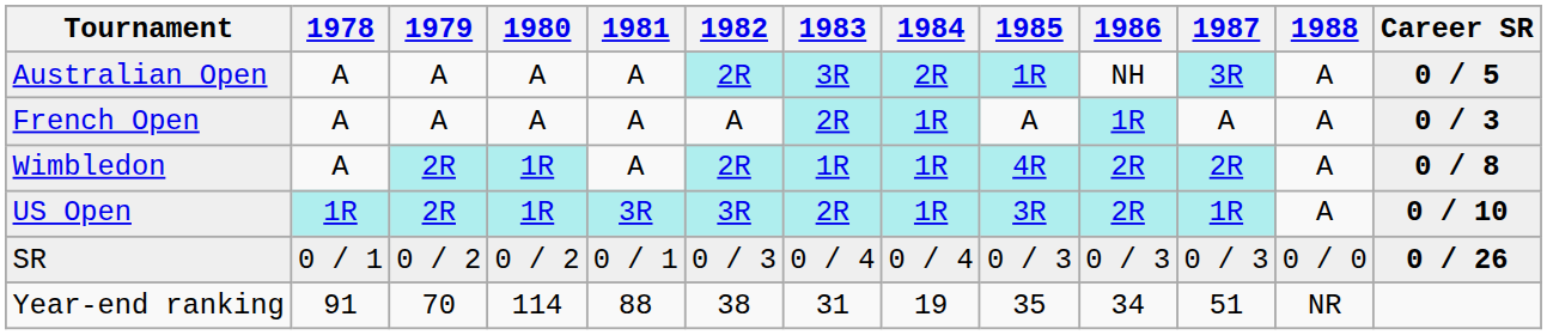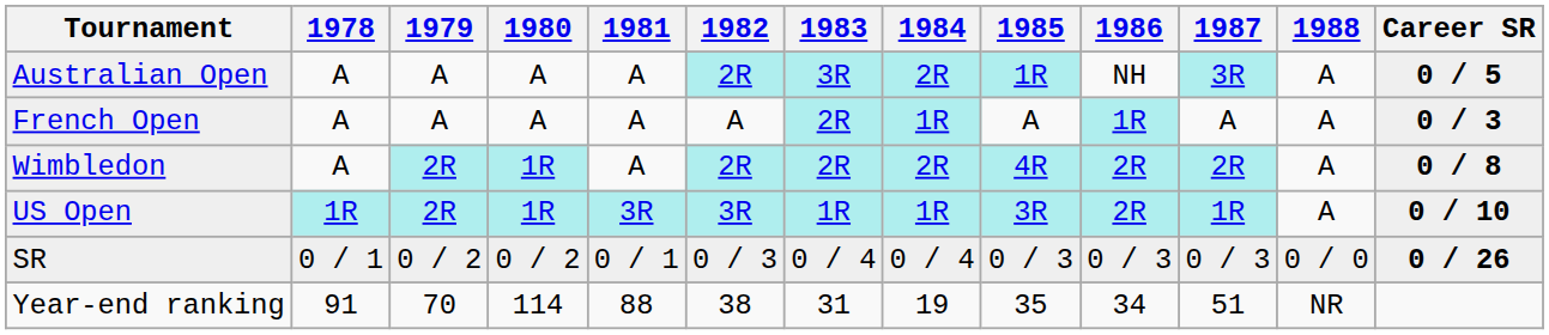 <table class="wikitable">
 <tr>
 <th>Tournament</th>
 <th><a href='#'>1978</a></th>
 <th><a href='#'>1979</a></th>
 <th><a href='#'>1980</a></th>
 <th><a href='#'>1981</a></th>
 <th><a href='#'>1982</a></th>
 <th><a href='#'>1983</a></th>
 <th><a href='#'>1984</a></th>
 <th><a href='#'>1985</a></th>
 <th><a href='#'>1986</a></th>
 <th><a href='#'>1987</a></th>
 <th><a href='#'>1988</a></th>
 <th>Career SR</th>
 </tr>
 <tr>
 <td style="background:#EFEFEF;"><a href='#'>Australian Open</a></td>
 <td align="center">A</td>
 <td align="center">A</td>
 <td align="center">A</td>
 <td align="center">A</td>
 <td align="center" style="background:#afeeee;"><a href='#'>2R</a></td>
 <td align="center" style="background:#afeeee;"><a href='#'>3R</a></td>
 <td align="center" style="background:#afeeee;"><a href='#'>2R</a></td>
 <td align="center" style="background:#afeeee;"><a href='#'>1R</a></td>
 <td align="center">NH</td>
 <td align="center" style="background:#afeeee;"><a href='#'>3R</a></td>
 <td align="center">A</td>
 <td align="center" style="background:#EFEFEF;"><strong>0 / 5</strong></td>
 </tr>
 <tr>
 <td style="background:#EFEFEF;"><a href='#'>French Open</a></td>
 <td align="center">A</td>
 <td align="center">A</td>
 <td align="center">A</td>
 <td align="center">A</td>
 <td align="center">A</td>
 <td align="center" style="background:#afeeee;"><a href='#'>2R</a></td>
 <td align="center" style="background:#afeeee;"><a href='#'>1R</a></td>
 <td align="center">A</td>
 <td align="center" style="background:#afeeee;"><a href='#'>1R</a></td>
 <td align="center">A</td>
 <td align="center">A</td>
 <td align="center" style="background:#EFEFEF;"><strong>0 / 3</strong></td>
 </tr>
 <tr>
 <td style="background:#EFEFEF;"><a href='#'>Wimbledon</a></td>
 <td align="center">A</td>
 <td align="center" style="background:#afeeee;"><a href='#'>2R</a></td>
 <td align="center" style="background:#afeeee;"><a href='#'>1R</a></td>
 <td align="center">A</td>
 <td align="center" style="background:#afeeee;"><a href='#'>2R</a></td>
-<td align="center" style="background:#afeeee;"><a href='#'>1R</a></td>
-<td align="center" style="background:#afeeee;"><a href='#'>1R</a></td>
+<td align="center" style="background:#afeeee;"><a href='#'>2R</a></td>
+<td align="center" style="background:#afeeee;"><a href='#'>2R</a></td>
 <td align="center" style="background:#afeeee;"><a href='#'>4R</a></td>
 <td align="center" style="background:#afeeee;"><a href='#'>2R</a></td>
 <td align="center" style="background:#afeeee;"><a href='#'>2R</a></td>
 <td align="center">A</td>
 <td align="center" style="background:#EFEFEF;"><strong>0 / 8</strong></td>
 </tr>
 <tr>
 <td style="background:#EFEFEF;"><a href='#'>US Open</a></td>
 <td align="center" style="background:#afeeee;"><a href='#'>1R</a></td>
 <td align="center" style="background:#afeeee;"><a href='#'>2R</a></td>
 <td align="center" style="background:#afeeee;"><a href='#'>1R</a></td>
 <td align="center" style="background:#afeeee;"><a href='#'>3R</a></td>
 <td align="center" style="background:#afeeee;"><a href='#'>3R</a></td>
-<td align="center" style="background:#afeeee;"><a href='#'>2R</a></td>
+<td align="center" style="background:#afeeee;"><a href='#'>1R</a></td>
 <td align="center" style="background:#afeeee;"><a href='#'>1R</a></td>
 <td align="center" style="background:#afeeee;"><a href='#'>3R</a></td>
 <td align="center" style="background:#afeeee;"><a href='#'>2R</a></td>
 <td align="center" style="background:#afeeee;"><a href='#'>1R</a></td>
 <td align="center">A</td>
 <td align="center" style="background:#EFEFEF;"><strong>0 / 10</strong></td>
 </tr>
 <tr>
 <td style="background:#EFEFEF;">SR</td>
 <td align="center" style="background:#EFEFEF;">0 / 1</td>
 <td align="center" style="background:#EFEFEF;">0 / 2</td>
 <td align="center" style="background:#EFEFEF;">0 / 2</td>
 <td align="center" style="background:#EFEFEF;">0 / 1</td>
 <td align="center" style="background:#EFEFEF;">0 / 3</td>
 <td align="center" style="background:#EFEFEF;">0 / 4</td>
 <td align="center" style="background:#EFEFEF;">0 / 4</td>
 <td align="center" style="background:#EFEFEF;">0 / 3</td>
 <td align="center" style="background:#EFEFEF;">0 / 3</td>
 <td align="center" style="background:#EFEFEF;">0 / 3</td>
 <td align="center" style="background:#EFEFEF;">0 / 0</td>
 <td align="center" style="background:#EFEFEF;"><strong>0 / 26</strong></td>
 </tr>
 <tr>
 <td align=left>Year-end ranking</td>
 <td align="center">91</td>
 <td align="center">70</td>
 <td align="center">114</td>
 <td align="center">88</td>
 <td align="center">38</td>
 <td align="center">31</td>
 <td align="center">19</td>
 <td align="center">35</td>
 <td align="center">34</td>
 <td align="center">51</td>
 <td align="center">NR</td>
 </tr>
 </table>
